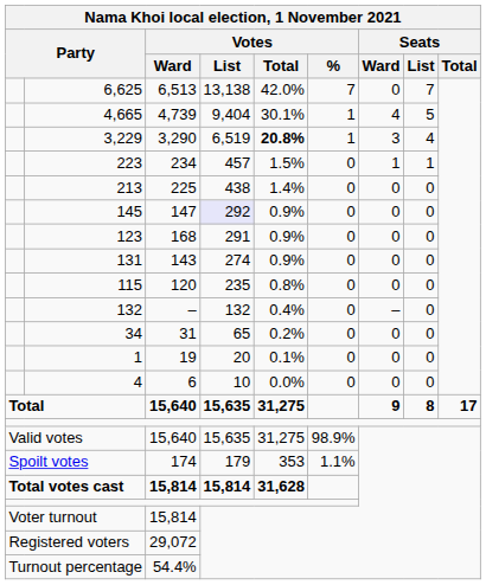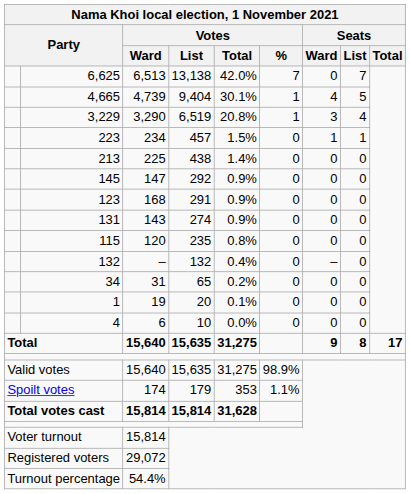 <table class=wikitable style="text-align:right">
 <tr>
 <th colspan="9" align="center">Nama Khoi local election, 1 November 2021</th>
 </tr>
 <tr>
 <th rowspan="2" colspan="2">Party</th>
 <th colspan="4" align="center">Votes</th>
 <th colspan="3" align="center">Seats</th>
 </tr>
 <tr>
 <th>Ward</th>
 <th>List</th>
 <th>Total</th>
 <th>%</th>
 <th>Ward</th>
 <th>List</th>
 <th>Total</th>
 </tr>
 <tr>
 <td></td>
 <td>6,625</td>
 <td>6,513</td>
 <td>13,138</td>
 <td>42.0%</td>
 <td>7</td>
 <td>0</td>
 <td>7</td>
 </tr>
 <tr>
 <td></td>
 <td>4,665</td>
 <td>4,739</td>
 <td>9,404</td>
 <td>30.1%</td>
 <td>1</td>
 <td>4</td>
 <td>5</td>
 </tr>
 <tr>
 <td></td>
 <td>3,229</td>
 <td>3,290</td>
 <td>6,519</td>
-<td><strong>20.8%</strong></td>
+<td>20.8%</td>
 <td>1</td>
 <td>3</td>
 <td>4</td>
 </tr>
 <tr>
 <td></td>
 <td>223</td>
 <td>234</td>
 <td>457</td>
 <td>1.5%</td>
 <td>0</td>
 <td>1</td>
 <td>1</td>
 </tr>
 <tr>
 <td></td>
 <td>213</td>
 <td>225</td>
 <td>438</td>
 <td>1.4%</td>
 <td>0</td>
 <td>0</td>
 <td>0</td>
 </tr>
 <tr>
 <td></td>
 <td>145</td>
 <td>147</td>
-<td style="background: lavender;">292</td>
+<td>292</td>
 <td>0.9%</td>
 <td>0</td>
 <td>0</td>
 <td>0</td>
 </tr>
 <tr>
 <td></td>
 <td>123</td>
 <td>168</td>
 <td>291</td>
 <td>0.9%</td>
 <td>0</td>
 <td>0</td>
 <td>0</td>
 </tr>
 <tr>
 <td></td>
 <td>131</td>
 <td>143</td>
 <td>274</td>
 <td>0.9%</td>
 <td>0</td>
 <td>0</td>
 <td>0</td>
 </tr>
 <tr>
 <td></td>
 <td>115</td>
 <td>120</td>
 <td>235</td>
 <td>0.8%</td>
 <td>0</td>
 <td>0</td>
 <td>0</td>
 </tr>
 <tr>
 <td></td>
 <td>132</td>
 <td>–</td>
 <td>132</td>
 <td>0.4%</td>
 <td>0</td>
 <td>–</td>
 <td>0</td>
 </tr>
 <tr>
 <td></td>
 <td>34</td>
 <td>31</td>
 <td>65</td>
 <td>0.2%</td>
 <td>0</td>
 <td>0</td>
 <td>0</td>
 </tr>
 <tr>
 <td></td>
 <td>1</td>
 <td>19</td>
 <td>20</td>
 <td>0.1%</td>
 <td>0</td>
 <td>0</td>
 <td>0</td>
 </tr>
 <tr>
 <td></td>
 <td>4</td>
 <td>6</td>
 <td>10</td>
 <td>0.0%</td>
 <td>0</td>
 <td>0</td>
 <td>0</td>
 </tr>
 <tr>
 <td colspan="2" style="text-align:left"><strong>Total</strong></td>
 <td><strong>15,640</strong></td>
 <td><strong>15,635</strong></td>
 <td><strong>31,275</strong></td>
 <td></td>
 <td><strong>9</strong></td>
 <td><strong>8</strong></td>
 <td><strong>17</strong></td>
 </tr>
 <tr>
 <td colspan="9"></td>
 </tr>
 <tr>
 <td colspan="2" style="text-align:left">Valid votes</td>
 <td>15,640</td>
 <td>15,635</td>
 <td>31,275</td>
 <td>98.9%</td>
 </tr>
 <tr>
 <td colspan="2" style="text-align:left"><a href='#'>Spoilt votes</a></td>
 <td>174</td>
 <td>179</td>
 <td>353</td>
 <td>1.1%</td>
 </tr>
 <tr>
 <td colspan="2" style="text-align:left"><strong>Total votes cast</strong></td>
 <td><strong>15,814</strong></td>
 <td><strong>15,814</strong></td>
 <td><strong>31,628</strong></td>
 <td></td>
 </tr>
 <tr>
 <td colspan="6"></td>
 </tr>
 <tr>
 <td colspan="2" style="text-align:left">Voter turnout</td>
 <td>15,814</td>
 </tr>
 <tr>
 <td colspan="2" style="text-align:left">Registered voters</td>
 <td>29,072</td>
 </tr>
 <tr>
 <td colspan="2" style="text-align:left">Turnout percentage</td>
 <td>54.4%</td>
 </tr>
 </table>
